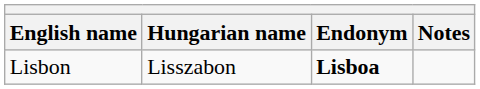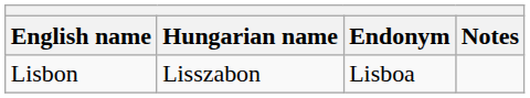 <table class="wikitable sortable">
 <tr>
 <th colspan="4"></th>
 </tr>
 <tr>
 <th>English name</th>
 <th>Hungarian name</th>
 <th>Endonym</th>
 <th>Notes</th>
 </tr>
 <tr>
 <td>Lisbon</td>
 <td>Lisszabon</td>
-<td><strong>Lisboa</strong></td>
+<td>Lisboa</td>
 <td></td>
 </tr>
 </table>
